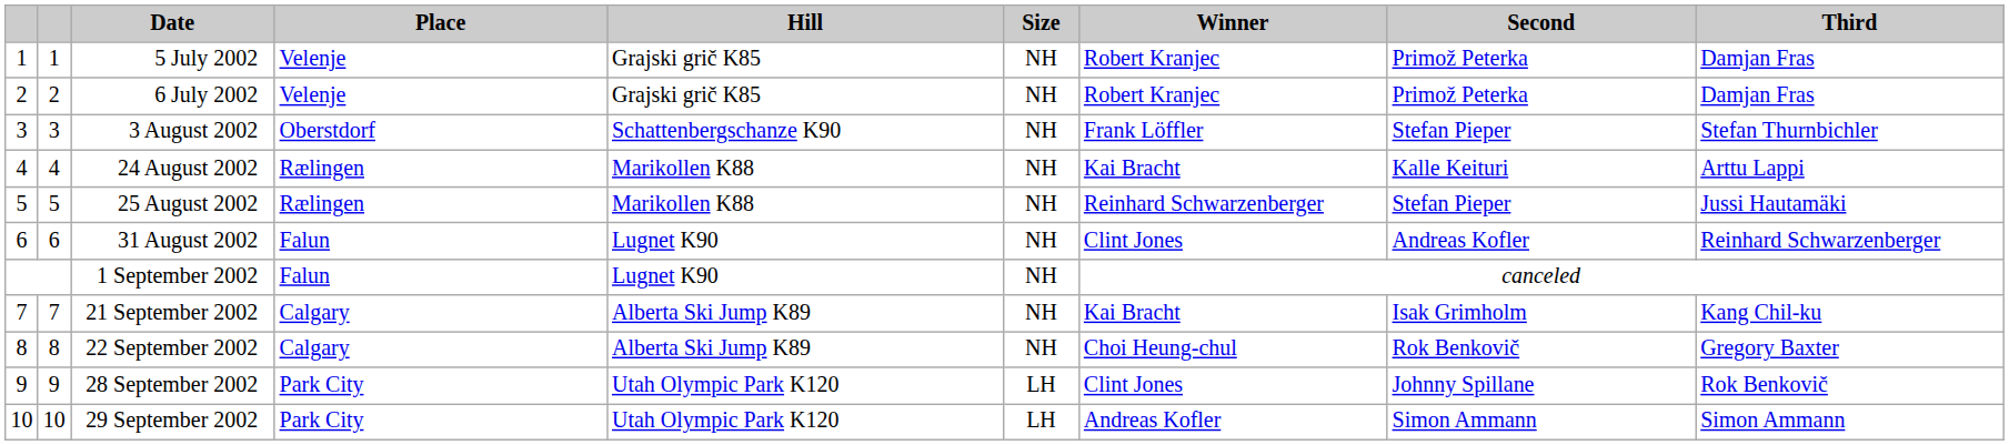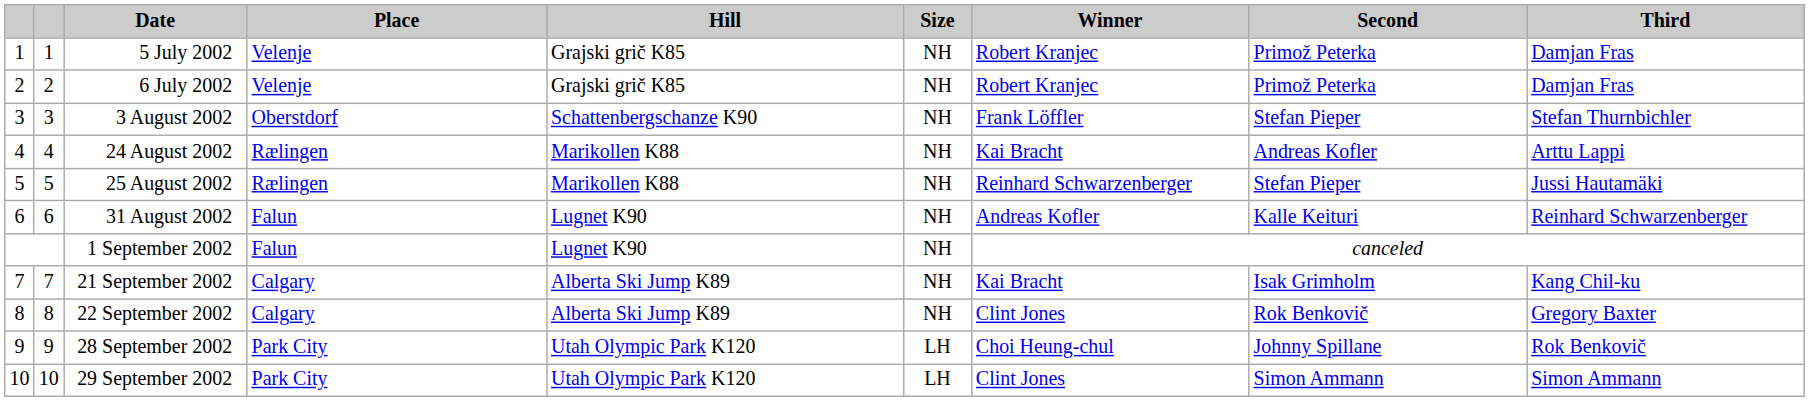 <table class="wikitable plainrowheaders" style="background:#fff; font-size:86%; line-height:16px; border:grey solid 1px; border-collapse:collapse;">
 <tr style="background:#ccc; text-align:center;">
 <th scope="col" style="background:#ccc; width=20 px;"></th>
 <th scope="col" style="background:#ccc; width=30 px;"></th>
 <th scope="col" style="background:#ccc; width:120px;">Date</th>
 <th scope="col" style="background:#ccc; width:200px;">Place</th>
 <th scope="col" style="background:#ccc; width:240px;">Hill</th>
 <th scope="col" style="background:#ccc; width:40px;">Size</th>
 <th scope="col" style="background:#ccc; width:185px;">Winner</th>
 <th scope="col" style="background:#ccc; width:185px;">Second</th>
 <th scope="col" style="background:#ccc; width:185px;">Third</th>
 </tr>
 <tr>
 <td align=center>1</td>
 <td align=center>1</td>
 <td align=right>5 July 2002  </td>
 <td> <a href='#'>Velenje</a></td>
 <td>Grajski grič K85</td>
 <td align=center>NH</td>
 <td> <a href='#'>Robert Kranjec</a></td>
 <td> <a href='#'>Primož Peterka</a></td>
 <td> <a href='#'>Damjan Fras</a></td>
 </tr>
 <tr>
 <td align=center>2</td>
 <td align=center>2</td>
 <td align=right>6 July 2002  </td>
 <td> <a href='#'>Velenje</a></td>
 <td>Grajski grič K85</td>
 <td align=center>NH</td>
 <td> <a href='#'>Robert Kranjec</a></td>
 <td> <a href='#'>Primož Peterka</a></td>
 <td> <a href='#'>Damjan Fras</a></td>
 </tr>
 <tr>
 <td align=center>3</td>
 <td align=center>3</td>
 <td align=right>3 August 2002  </td>
 <td> <a href='#'>Oberstdorf</a></td>
 <td><a href='#'>Schattenbergschanze</a> K90</td>
 <td align=center>NH</td>
 <td> <a href='#'>Frank Löffler</a></td>
 <td> <a href='#'>Stefan Pieper</a></td>
 <td> <a href='#'>Stefan Thurnbichler</a></td>
 </tr>
 <tr>
 <td align=center>4</td>
 <td align=center>4</td>
 <td align=right>24 August 2002  </td>
 <td> <a href='#'>Rælingen</a></td>
 <td><a href='#'>Marikollen</a> K88</td>
 <td align=center>NH</td>
 <td> <a href='#'>Kai Bracht</a></td>
-<td> <a href='#'>Kalle Keituri</a></td>
+<td> <a href='#'>Andreas Kofler</a></td>
 <td> <a href='#'>Arttu Lappi</a></td>
 </tr>
 <tr>
 <td align=center>5</td>
 <td align=center>5</td>
 <td align=right>25 August 2002  </td>
 <td> <a href='#'>Rælingen</a></td>
 <td><a href='#'>Marikollen</a> K88</td>
 <td align=center>NH</td>
 <td> <a href='#'>Reinhard Schwarzenberger</a></td>
 <td> <a href='#'>Stefan Pieper</a></td>
 <td> <a href='#'>Jussi Hautamäki</a></td>
 </tr>
 <tr>
 <td align=center>6</td>
 <td align=center>6</td>
 <td align=right>31 August 2002  </td>
 <td> <a href='#'>Falun</a></td>
 <td><a href='#'>Lugnet</a> K90</td>
 <td align=center>NH</td>
-<td> <a href='#'>Clint Jones</a></td>
 <td> <a href='#'>Andreas Kofler</a></td>
+<td> <a href='#'>Kalle Keituri</a></td>
 <td> <a href='#'>Reinhard Schwarzenberger</a></td>
 </tr>
 <tr>
 <td colspan=2></td>
 <td align=right>1 September 2002  </td>
 <td> <a href='#'>Falun</a></td>
 <td><a href='#'>Lugnet</a> K90</td>
 <td align=center>NH</td>
 <td colspan=3 align=center><em>canceled</em></td>
 </tr>
 <tr>
 <td align=center>7</td>
 <td align=center>7</td>
 <td align=right>21 September 2002  </td>
 <td> <a href='#'>Calgary</a></td>
 <td><a href='#'>Alberta Ski Jump</a> K89</td>
 <td align=center>NH</td>
 <td> <a href='#'>Kai Bracht</a></td>
 <td> <a href='#'>Isak Grimholm</a></td>
 <td> <a href='#'>Kang Chil-ku</a></td>
 </tr>
 <tr>
 <td align=center>8</td>
 <td align=center>8</td>
 <td align=right>22 September 2002  </td>
 <td> <a href='#'>Calgary</a></td>
 <td><a href='#'>Alberta Ski Jump</a> K89</td>
 <td align=center>NH</td>
-<td> <a href='#'>Choi Heung-chul</a></td>
+<td> <a href='#'>Clint Jones</a></td>
 <td> <a href='#'>Rok Benkovič</a></td>
 <td> <a href='#'>Gregory Baxter</a></td>
 </tr>
 <tr>
 <td align=center>9</td>
 <td align=center>9</td>
 <td align=right>28 September 2002  </td>
 <td> <a href='#'>Park City</a></td>
 <td><a href='#'>Utah Olympic Park</a> K120</td>
 <td align=center>LH</td>
-<td> <a href='#'>Clint Jones</a></td>
+<td> <a href='#'>Choi Heung-chul</a></td>
 <td> <a href='#'>Johnny Spillane</a></td>
 <td> <a href='#'>Rok Benkovič</a></td>
 </tr>
 <tr>
 <td align=center>10</td>
 <td align=center>10</td>
 <td align=right>29 September 2002  </td>
 <td> <a href='#'>Park City</a></td>
 <td><a href='#'>Utah Olympic Park</a> K120</td>
 <td align=center>LH</td>
-<td> <a href='#'>Andreas Kofler</a></td>
+<td> <a href='#'>Clint Jones</a></td>
 <td> <a href='#'>Simon Ammann</a></td>
 <td> <a href='#'>Simon Ammann</a></td>
 </tr>
 </table>
